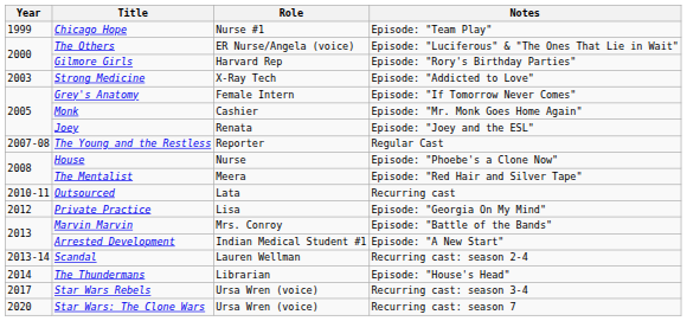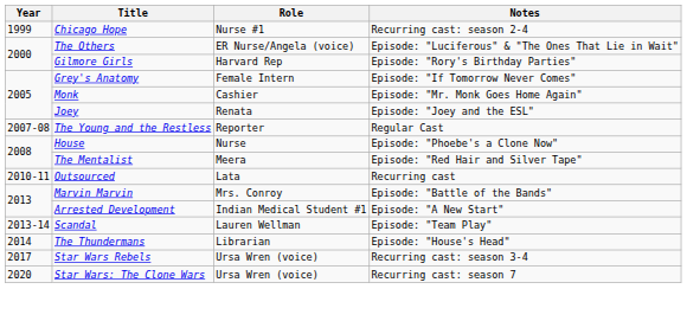 <table class="wikitable plainrowheaders sortable" style="margin–right: 0;">
 <tr>
 <th scope="col">Year</th>
 <th scope="col">Title</th>
 <th scope="col">Role</th>
 <th scope="col" class="unsortable">Notes</th>
 </tr>
 <tr>
 <td>1999</td>
 <td><em><a href='#'>Chicago Hope</a></em></td>
 <td>Nurse #1</td>
-<td>Episode: "Team Play"</td>
+<td>Recurring cast: season 2-4</td>
 </tr>
 <tr>
 <td rowspan=2>2000</td>
 <td><em><a href='#'>The Others</a></em></td>
 <td>ER Nurse/Angela (voice)</td>
 <td>Episode: "Luciferous" & "The Ones That Lie in Wait"</td>
 </tr>
 <tr>
 <td><em><a href='#'>Gilmore Girls</a></em></td>
 <td>Harvard Rep</td>
 <td>Episode: "Rory's Birthday Parties"</td>
-</tr>
-<tr>
-<td>2003</td>
-<td><em><a href='#'>Strong Medicine</a></em></td>
-<td>X-Ray Tech</td>
-<td>Episode: "Addicted to Love"</td>
 </tr>
 <tr>
 <td rowspan=3>2005</td>
 <td><em><a href='#'>Grey's Anatomy</a></em></td>
 <td>Female Intern</td>
 <td>Episode: "If Tomorrow Never Comes"</td>
 </tr>
 <tr>
 <td><em><a href='#'>Monk</a></em></td>
 <td>Cashier</td>
 <td>Episode: "Mr. Monk Goes Home Again"</td>
 </tr>
 <tr>
 <td><em><a href='#'>Joey</a></em></td>
 <td>Renata</td>
 <td>Episode: "Joey and the ESL"</td>
 </tr>
 <tr>
 <td>2007-08</td>
 <td><em><a href='#'>The Young and the Restless</a></em></td>
 <td>Reporter</td>
 <td>Regular Cast</td>
 </tr>
 <tr>
 <td rowspan=2>2008</td>
 <td><em><a href='#'>House</a></em></td>
 <td>Nurse</td>
 <td>Episode: "Phoebe's a Clone Now"</td>
 </tr>
 <tr>
 <td><em><a href='#'>The Mentalist</a></em></td>
 <td>Meera</td>
 <td>Episode: "Red Hair and Silver Tape"</td>
 </tr>
 <tr>
 <td>2010-11</td>
 <td><em><a href='#'>Outsourced</a></em></td>
 <td>Lata</td>
 <td>Recurring cast</td>
 </tr>
 <tr>
-<td>2012</td>
-<td><em><a href='#'>Private Practice</a></em></td>
-<td>Lisa</td>
-<td>Episode: "Georgia On My Mind"</td>
-</tr>
-<tr>
 <td rowspan=2>2013</td>
 <td><em><a href='#'>Marvin Marvin</a></em></td>
 <td>Mrs. Conroy</td>
 <td>Episode: "Battle of the Bands"</td>
 </tr>
 <tr>
 <td><em><a href='#'>Arrested Development</a></em></td>
 <td>Indian Medical Student #1</td>
 <td>Episode: "A New Start"</td>
 </tr>
 <tr>
 <td>2013-14</td>
 <td><em><a href='#'>Scandal</a></em></td>
 <td>Lauren Wellman</td>
-<td>Recurring cast: season 2-4</td>
+<td>Episode: "Team Play"</td>
 </tr>
 <tr>
 <td>2014</td>
 <td><em><a href='#'>The Thundermans</a></em></td>
 <td>Librarian</td>
 <td>Episode: "House's Head"</td>
 </tr>
 <tr>
 <td>2017</td>
 <td><em><a href='#'>Star Wars Rebels</a></em></td>
 <td>Ursa Wren (voice)</td>
 <td>Recurring cast: season 3-4</td>
 </tr>
 <tr>
 <td>2020</td>
 <td><em><a href='#'>Star Wars: The Clone Wars</a></em></td>
 <td>Ursa Wren (voice)</td>
 <td>Recurring cast: season 7</td>
 </tr>
 </table>
